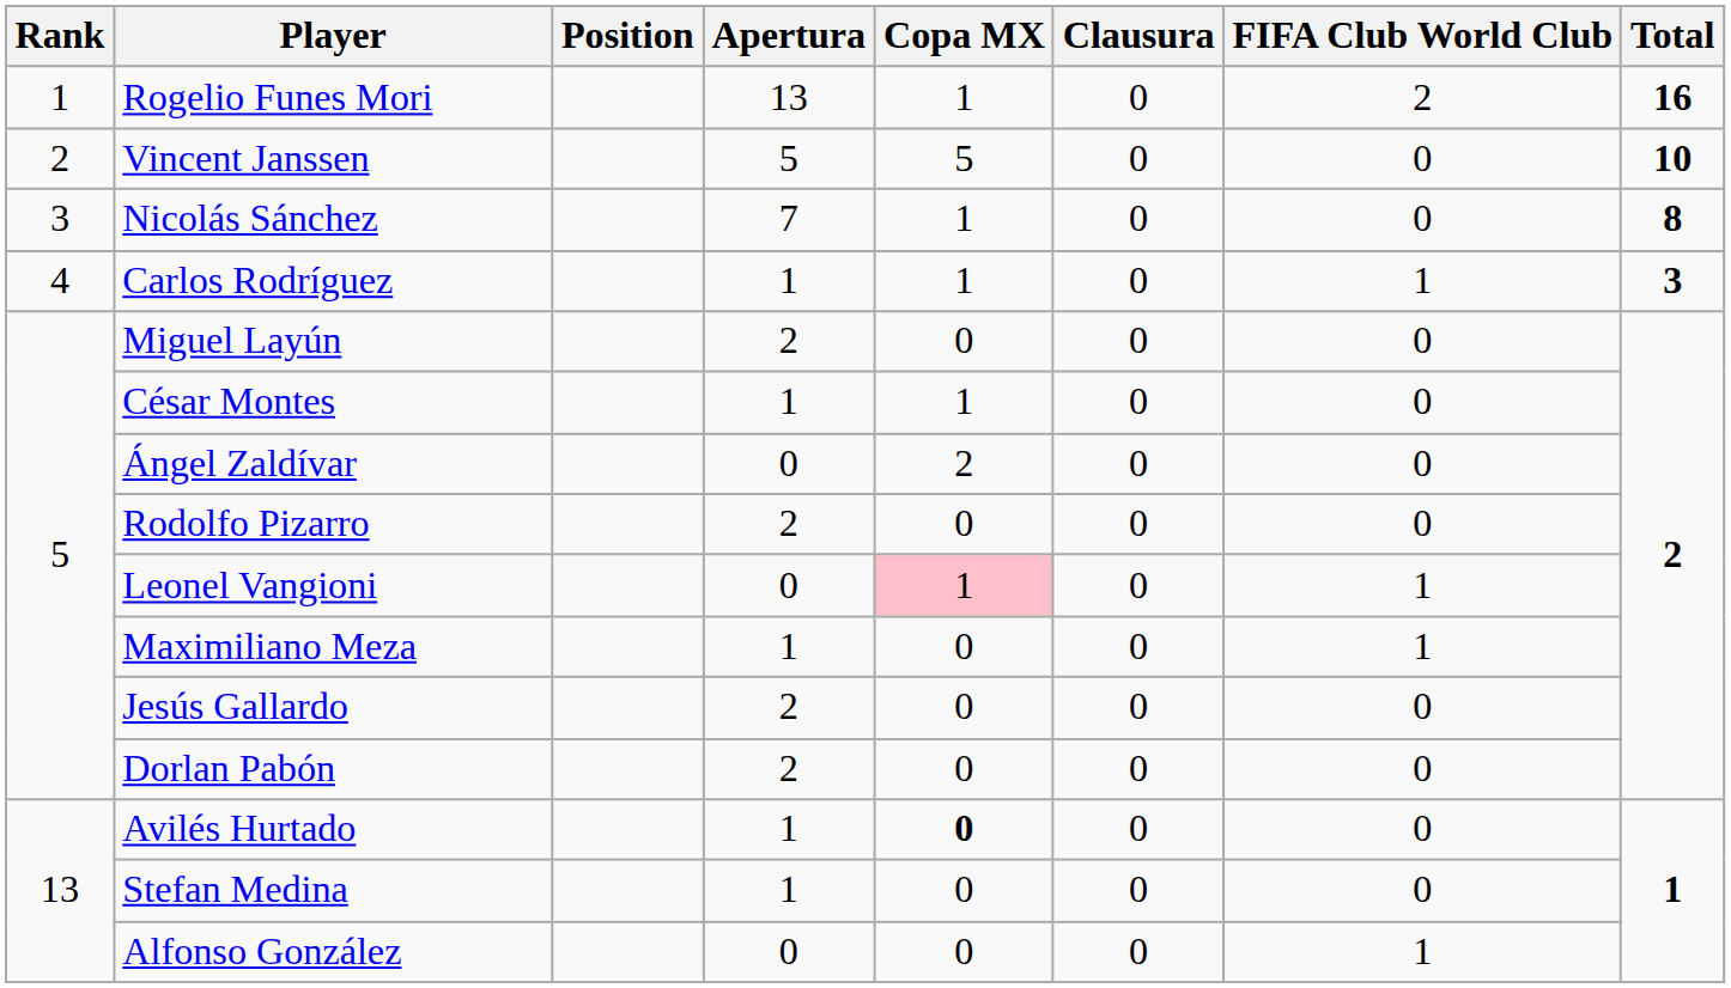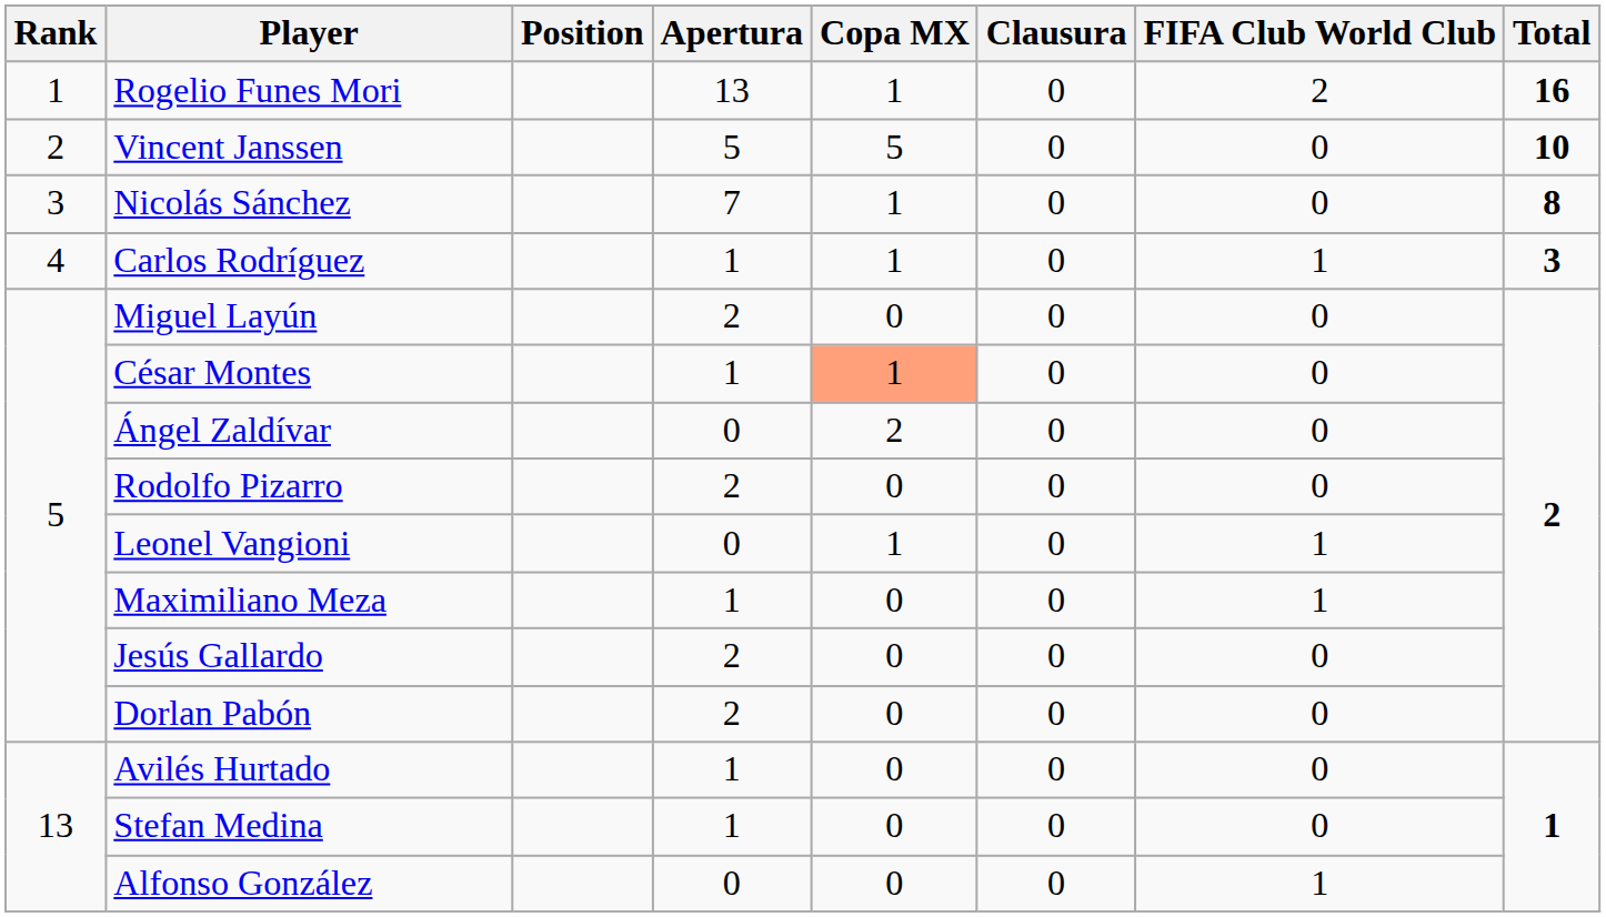 <table class="wikitable">
 <tr>
 <th>Rank</th>
 <th style="width:175px;">Player</th>
 <th>Position</th>
 <th>Apertura</th>
 <th>Copa MX</th>
 <th>Clausura</th>
 <th>FIFA Club World Club</th>
 <th>Total</th>
 </tr>
 <tr>
 <td align=center>1</td>
 <td> <a href='#'>Rogelio Funes Mori</a></td>
 <td align=center></td>
 <td align=center>13</td>
 <td align=center>1</td>
 <td align=center>0</td>
 <td align=center>2</td>
 <td align=center><strong>16</strong></td>
 </tr>
 <tr>
 <td align=center>2</td>
 <td> <a href='#'>Vincent Janssen</a></td>
 <td align=center></td>
 <td align=center>5</td>
 <td align=center>5</td>
 <td align=center>0</td>
 <td align=center>0</td>
 <td align=center><strong>10</strong></td>
 </tr>
 <tr>
 <td align=center>3</td>
 <td> <a href='#'>Nicolás Sánchez</a></td>
 <td align=center></td>
 <td align=center>7</td>
 <td align=center>1</td>
 <td align=center>0</td>
 <td align=center>0</td>
 <td align=center><strong>8</strong></td>
 </tr>
 <tr>
 <td align=center>4</td>
 <td> <a href='#'>Carlos Rodríguez</a></td>
 <td align=center></td>
 <td align=center>1</td>
 <td align=center>1</td>
 <td align=center>0</td>
 <td align=center>1</td>
 <td align=center><strong>3</strong></td>
 </tr>
 <tr>
 <td align=center rowspan=8>5</td>
 <td> <a href='#'>Miguel Layún</a></td>
 <td align=center></td>
 <td align=center>2</td>
 <td align=center>0</td>
 <td align=center>0</td>
 <td align=center>0</td>
 <td align=center rowspan=8><strong>2</strong></td>
 </tr>
 <tr>
 <td> <a href='#'>César Montes</a></td>
 <td align=center></td>
 <td align=center>1</td>
-<td align=center>1</td>
+<td align=center style="background: lightsalmon;">1</td>
 <td align=center>0</td>
 <td align=center>0</td>
 </tr>
 <tr>
 <td> <a href='#'>Ángel Zaldívar</a></td>
 <td align=center></td>
 <td align=center>0</td>
 <td align=center>2</td>
 <td align=center>0</td>
 <td align=center>0</td>
 </tr>
 <tr>
 <td> <a href='#'>Rodolfo Pizarro</a></td>
 <td align=center></td>
 <td align=center>2</td>
 <td align=center>0</td>
 <td align=center>0</td>
 <td align=center>0</td>
 </tr>
 <tr>
 <td> <a href='#'>Leonel Vangioni</a></td>
 <td align=center></td>
 <td align=center>0</td>
-<td align=center style="background: pink;">1</td>
+<td align=center>1</td>
 <td align=center>0</td>
 <td align=center>1</td>
 </tr>
 <tr>
 <td> <a href='#'>Maximiliano Meza</a></td>
 <td align=center></td>
 <td align=center>1</td>
 <td align=center>0</td>
 <td align=center>0</td>
 <td align=center>1</td>
 </tr>
 <tr>
 <td> <a href='#'>Jesús Gallardo</a></td>
 <td align=center></td>
 <td align=center>2</td>
 <td align=center>0</td>
 <td align=center>0</td>
 <td align=center>0</td>
 </tr>
 <tr>
 <td> <a href='#'>Dorlan Pabón</a></td>
 <td align=center></td>
 <td align=center>2</td>
 <td align=center>0</td>
 <td align=center>0</td>
 <td align=center>0</td>
 </tr>
 <tr>
 <td align=center rowspan=3>13</td>
 <td> <a href='#'>Avilés Hurtado</a></td>
 <td align=center></td>
 <td align=center>1</td>
-<td align=center><strong>0</strong></td>
+<td align=center>0</td>
 <td align=center>0</td>
 <td align=center>0</td>
 <td align=center rowspan=3><strong>1</strong></td>
 </tr>
 <tr>
 <td> <a href='#'>Stefan Medina</a></td>
 <td align=center></td>
 <td align=center>1</td>
 <td align=center>0</td>
 <td align=center>0</td>
 <td align=center>0</td>
 </tr>
 <tr>
 <td> <a href='#'>Alfonso González</a></td>
 <td align=center></td>
 <td align=center>0</td>
 <td align=center>0</td>
 <td align=center>0</td>
 <td align=center>1</td>
 </tr>
 </table>
